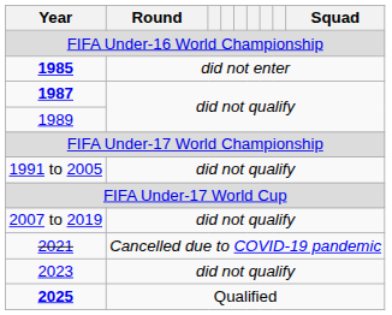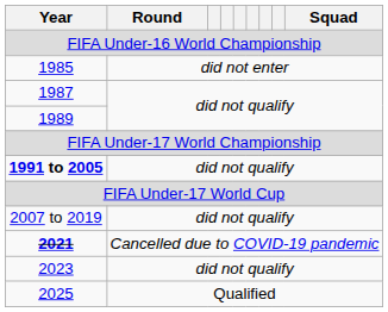 <table class="wikitable" style="text-align: center;">
 <tr>
 <th>Year</th>
 <th>Round</th>
 <th></th>
 <th></th>
 <th></th>
 <th></th>
 <th></th>
 <th></th>
 <th>Squad</th>
 </tr>
 <tr>
 <td colspan=9 style="background:#dcdcdc; text-align:center;"><a href='#'>FIFA Under-16 World Championship</a></td>
 </tr>
 <tr>
-<td><strong> <a href='#'>1985</a></strong></td>
+<td> <a href='#'>1985</a></td>
 <td colspan=8><em>did not enter</em></td>
 </tr>
 <tr>
-<td><strong> <a href='#'>1987</a></strong></td>
+<td> <a href='#'>1987</a></td>
 <td rowspan=2 colspan=8><em>did not qualify</em></td>
 </tr>
 <tr>
 <td> <a href='#'>1989</a></td>
 </tr>
 <tr>
 <td colspan=9 style="background:#dcdcdc; text-align:center;"><a href='#'>FIFA Under-17 World Championship</a></td>
 </tr>
 <tr>
-<td> <a href='#'>1991</a> to  <a href='#'>2005</a></td>
+<td><strong> <a href='#'>1991</a> to  <a href='#'>2005</a></strong></td>
 <td colspan=8><em>did not qualify</em></td>
 </tr>
 <tr>
 <td colspan=9 style="background:#dcdcdc; text-align:center;"><a href='#'>FIFA Under-17 World Cup</a></td>
 </tr>
 <tr>
 <td> <a href='#'>2007</a> to  <a href='#'>2019</a></td>
 <td colspan=8><em>did not qualify</em></td>
 </tr>
 <tr>
-<td> <del><a href='#'>2021</a></del></td>
+<td><strong> <del><a href='#'>2021</a></del></strong></td>
 <td colspan=8><em>Cancelled due to <a href='#'>COVID-19 pandemic</a></em></td>
 </tr>
 <tr>
 <td> <a href='#'>2023</a></td>
 <td colspan=8><em>did not qualify</em></td>
 </tr>
 <tr>
-<td><strong> <a href='#'>2025</a></strong></td>
+<td> <a href='#'>2025</a></td>
 <td colspan=8>Qualified</td>
 </tr>
 </table>
